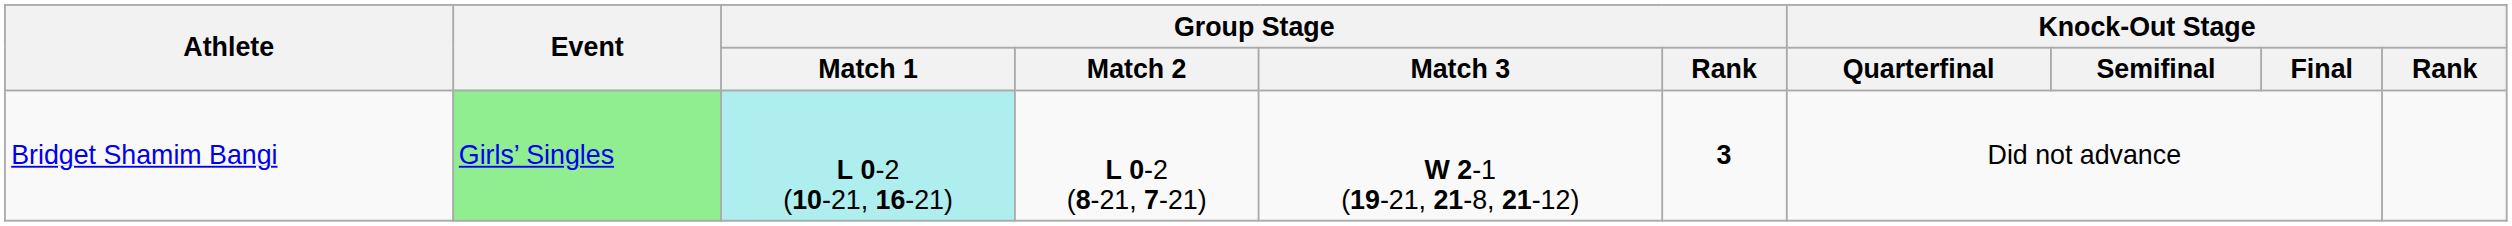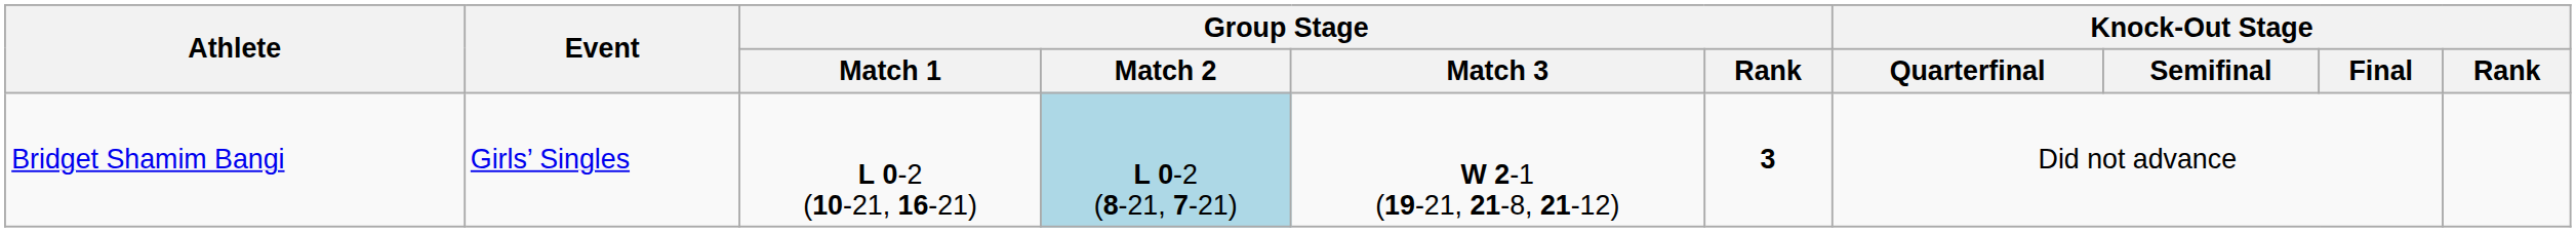 <table class="wikitable" width="85%" style="text-align:left; font-size:90%">
 <tr>
 <th rowspan=2>Athlete</th>
 <th rowspan=2>Event</th>
 <th colspan=4>Group Stage</th>
 <th colspan=4>Knock-Out Stage</th>
 </tr>
 <tr>
 <th>Match 1</th>
 <th>Match 2</th>
 <th>Match 3</th>
 <th>Rank</th>
 <th>Quarterfinal</th>
 <th>Semifinal</th>
 <th>Final</th>
 <th>Rank</th>
 </tr>
 <tr>
 <td><a href='#'>Bridget Shamim Bangi</a></td>
-<td style="background: lightgreen;"><a href='#'>Girls’ Singles</a></td>
-<td align=center style="background: paleturquoise;"> <br><br><strong>L</strong> <strong>0</strong>-2 <br> (<strong>10</strong>-21, <strong>16</strong>-21)</td>
-<td align=center> <br><br><strong>L</strong> <strong>0</strong>-2 <br> (<strong>8</strong>-21, <strong>7</strong>-21)</td>
+<td><a href='#'>Girls’ Singles</a></td>
+<td align=center> <br><br><strong>L</strong> <strong>0</strong>-2 <br> (<strong>10</strong>-21, <strong>16</strong>-21)</td>
+<td align=center style="background: lightblue;"> <br><br><strong>L</strong> <strong>0</strong>-2 <br> (<strong>8</strong>-21, <strong>7</strong>-21)</td>
 <td align=center> <br><br><strong>W</strong> <strong>2</strong>-1 <br> (<strong>19</strong>-21, <strong>21</strong>-8, <strong>21</strong>-12)</td>
 <td align=center><strong>3</strong></td>
 <td colspan="3" align=center>Did not advance</td>
 <td align=center></td>
 </tr>
 </table>
